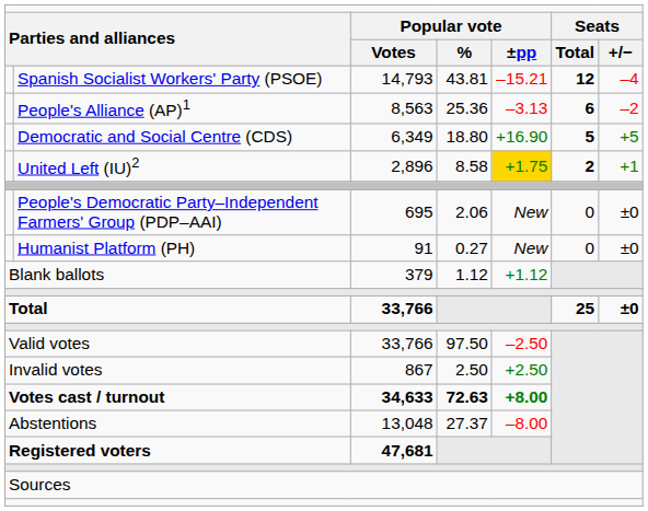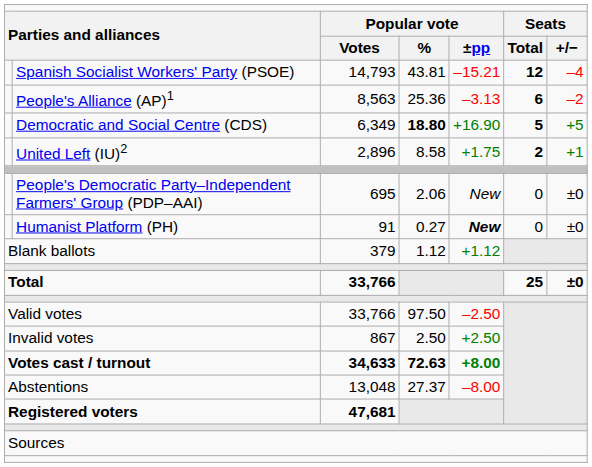 <table class="wikitable" style="text-align:right;">
 <tr>
 <td colspan="7"></td>
 </tr>
 <tr>
 <th style="text-align:left;" rowspan="2" colspan="2" width="525">Parties and alliances</th>
 <th colspan="3">Popular vote</th>
 <th colspan="2">Seats</th>
 </tr>
 <tr>
 <th width="75">Votes</th>
 <th width="45">%</th>
 <th width="45">±<a href='#'>pp</a></th>
 <th width="35">Total</th>
 <th width="35">+/−</th>
 </tr>
 <tr>
 <td width="1" style="color:inherit;background:"></td>
 <td align="left"><a href='#'>Spanish Socialist Workers' Party</a> (PSOE)</td>
 <td>14,793</td>
 <td>43.81</td>
 <td style="color:red;">–15.21</td>
 <td><strong>12</strong></td>
 <td style="color:red;">–4</td>
 </tr>
 <tr>
 <td style="color:inherit;background:"></td>
 <td align="left"><a href='#'>People's Alliance</a> (AP)<sup>1</sup></td>
 <td>8,563</td>
 <td>25.36</td>
 <td style="color:red;">–3.13</td>
 <td><strong>6</strong></td>
 <td style="color:red;">–2</td>
 </tr>
 <tr>
 <td style="color:inherit;background:"></td>
 <td align="left"><a href='#'>Democratic and Social Centre</a> (CDS)</td>
 <td>6,349</td>
-<td>18.80</td>
+<td><strong>18.80</strong></td>
 <td style="color:green;">+16.90</td>
 <td><strong>5</strong></td>
 <td style="color:green;">+5</td>
 </tr>
 <tr>
 <td style="color:inherit;background:"></td>
 <td align="left"><a href='#'>United Left</a> (IU)<sup>2</sup></td>
 <td>2,896</td>
 <td>8.58</td>
-<td style="background: gold; color:green;">+1.75</td>
+<td style="color:green;">+1.75</td>
 <td><strong>2</strong></td>
 <td style="color:green;">+1</td>
 </tr>
 <tr>
 <td colspan="7" bgcolor="#C0C0C0"></td>
 </tr>
 <tr>
 <td style="color:inherit;background:"></td>
 <td align="left"><a href='#'>People's Democratic Party–Independent Farmers' Group</a> (PDP–AAI)</td>
 <td>695</td>
 <td>2.06</td>
 <td><em>New</em></td>
 <td>0</td>
 <td>±0</td>
 </tr>
 <tr>
 <td style="color:inherit;background:"></td>
 <td align="left"><a href='#'>Humanist Platform</a> (PH)</td>
 <td>91</td>
 <td>0.27</td>
-<td><em>New</em></td>
+<td><strong><em>New</em></strong></td>
 <td>0</td>
 <td>±0</td>
 </tr>
 <tr>
 <td align="left" colspan="2">Blank ballots</td>
 <td>379</td>
 <td>1.12</td>
 <td style="color:green;">+1.12</td>
 <td bgcolor="#E9E9E9" colspan="2"></td>
 </tr>
 <tr>
 <td colspan="7" bgcolor="#E9E9E9"></td>
 </tr>
 <tr style="font-weight:bold;">
 <td align="left" colspan="2">Total</td>
 <td>33,766</td>
 <td bgcolor="#E9E9E9" colspan="2"></td>
 <td>25</td>
 <td>±0</td>
 </tr>
 <tr>
 <td colspan="7" bgcolor="#E9E9E9"></td>
 </tr>
 <tr>
 <td align="left" colspan="2">Valid votes</td>
 <td>33,766</td>
 <td>97.50</td>
 <td style="color:red;">–2.50</td>
 <td bgcolor="#E9E9E9" colspan="2" rowspan="5"></td>
 </tr>
 <tr>
 <td align="left" colspan="2">Invalid votes</td>
 <td>867</td>
 <td>2.50</td>
 <td style="color:green;">+2.50</td>
 </tr>
 <tr style="font-weight:bold;">
 <td align="left" colspan="2">Votes cast / turnout</td>
 <td>34,633</td>
 <td>72.63</td>
 <td style="color:green;">+8.00</td>
 </tr>
 <tr>
 <td align="left" colspan="2">Abstentions</td>
 <td>13,048</td>
 <td>27.37</td>
 <td style="color:red;">–8.00</td>
 </tr>
 <tr style="font-weight:bold;">
 <td align="left" colspan="2">Registered voters</td>
 <td>47,681</td>
 <td bgcolor="#E9E9E9" colspan="2"></td>
 </tr>
 <tr>
 <td colspan="7" bgcolor="#E9E9E9"></td>
 </tr>
 <tr>
 <td align="left" colspan="7">Sources</td>
 </tr>
 <tr>
 <td colspan="7" style="text-align:left; max-width:790px;"></td>
 </tr>
 </table>
